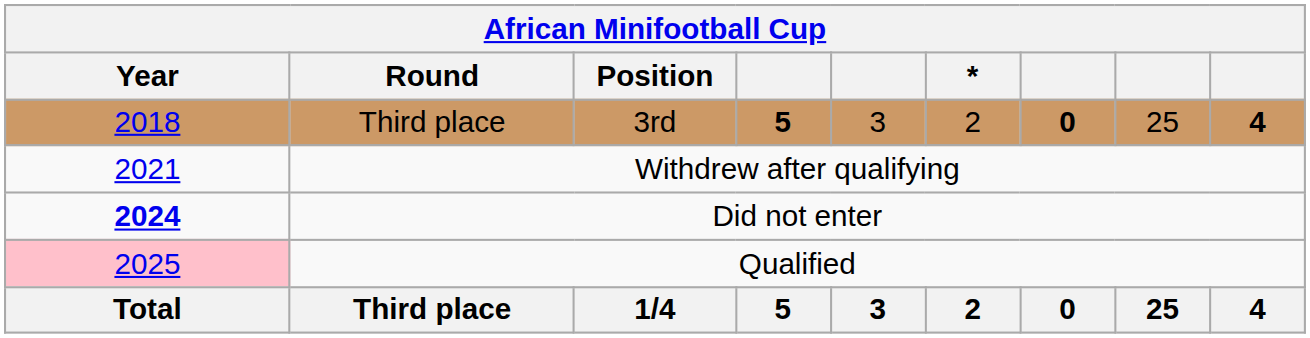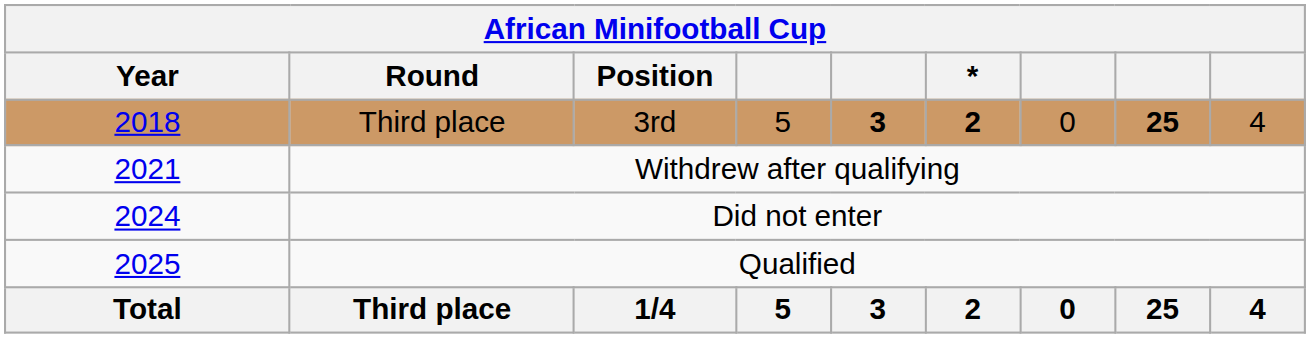 <table class="wikitable" style="font-size:90%; text-align:center;" width="50%">
 <tr>
 <th colspan="9"><a href='#'>African Minifootball Cup</a></th>
 </tr>
 <tr>
 <th width="15%">Year</th>
 <th width="15%">Round</th>
 <th width="5%">Position</th>
 <th width="5%"></th>
 <th width="5%"></th>
 <th width="5%">*</th>
 <th width="5%"></th>
 <th width="5%"></th>
 <th width="5%"></th>
 </tr>
 <tr bgcolor=#cc9966>
 <td> <a href='#'>2018</a></td>
 <td>Third place</td>
 <td>3rd</td>
-<td><strong>5</strong></td>
-<td>3</td>
-<td>2</td>
-<td><strong>0</strong></td>
-<td>25</td>
-<td><strong>4</strong></td>
+<td>5</td>
+<td><strong>3</strong></td>
+<td><strong>2</strong></td>
+<td>0</td>
+<td><strong>25</strong></td>
+<td>4</td>
 </tr>
 <tr>
 <td> <a href='#'>2021</a></td>
 <td colspan="8">Withdrew after qualifying</td>
 </tr>
 <tr>
-<td><strong> <a href='#'>2024</a></strong></td>
+<td> <a href='#'>2024</a></td>
 <td colspan="8">Did not enter</td>
 </tr>
 <tr>
-<td style="background: pink;"> <a href='#'>2025</a></td>
+<td> <a href='#'>2025</a></td>
 <td colspan="8">Qualified</td>
 </tr>
 <tr>
 <th>Total</th>
 <th>Third place</th>
 <th>1/4</th>
 <th>5</th>
 <th>3</th>
 <th>2</th>
 <th>0</th>
 <th>25</th>
 <th>4</th>
 </tr>
 </table>
